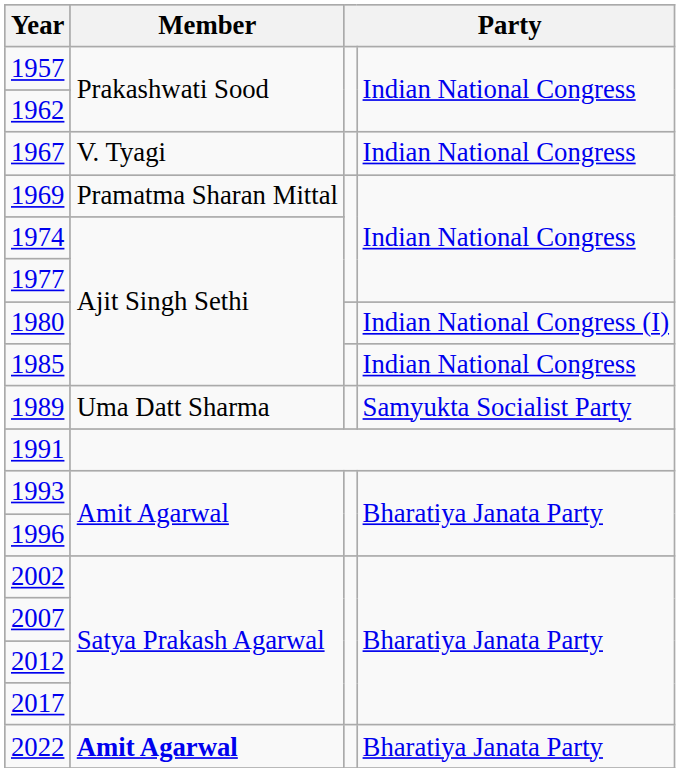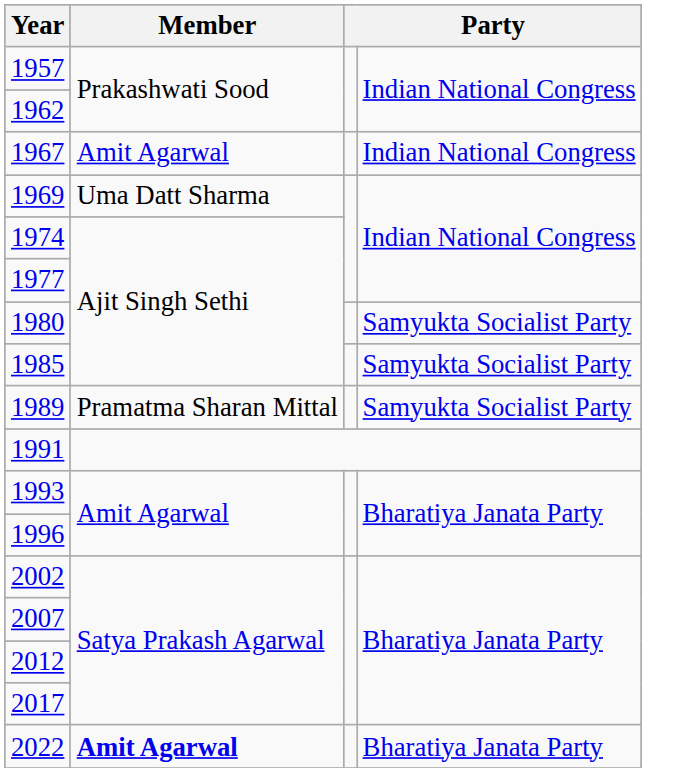 <table class="wikitable">
 <tr>
 <th>Year</th>
 <th>Member</th>
 <th colspan="2">Party</th>
 </tr>
 <tr>
 <td><a href='#'>1957</a></td>
 <td rowspan="2">Prakashwati Sood</td>
 <td rowspan="2" style="background-color: "></td>
 <td rowspan="2"><a href='#'>Indian National Congress</a></td>
 </tr>
 <tr>
 <td><a href='#'>1962</a></td>
 </tr>
 <tr>
 <td><a href='#'>1967</a></td>
-<td>V. Tyagi</td>
+<td><a href='#'>Amit Agarwal</a></td>
 <td style="background-color: "></td>
 <td><a href='#'>Indian National Congress</a></td>
 </tr>
 <tr>
 <td><a href='#'>1969</a></td>
-<td>Pramatma Sharan Mittal</td>
+<td>Uma Datt Sharma</td>
 <td rowspan="3" style="background-color: "></td>
 <td rowspan="3"><a href='#'>Indian National Congress</a></td>
 </tr>
 <tr>
 <td><a href='#'>1974</a></td>
 <td rowspan="4">Ajit Singh Sethi</td>
 </tr>
 <tr>
 <td><a href='#'>1977</a></td>
 </tr>
 <tr>
 <td><a href='#'>1980</a></td>
 <td style="background-color: "></td>
-<td><a href='#'>Indian National Congress (I)</a></td>
+<td><a href='#'>Samyukta Socialist Party</a></td>
 </tr>
 <tr>
 <td><a href='#'>1985</a></td>
 <td style="background-color: "></td>
-<td><a href='#'>Indian National Congress</a></td>
+<td><a href='#'>Samyukta Socialist Party</a></td>
 </tr>
 <tr>
 <td><a href='#'>1989</a></td>
-<td>Uma Datt Sharma</td>
+<td>Pramatma Sharan Mittal</td>
 <td style="background-color: "></td>
 <td><a href='#'>Samyukta Socialist Party</a></td>
 </tr>
 <tr>
 <td><a href='#'>1991</a></td>
 <td colspan="3"></td>
 </tr>
 <tr>
 <td><a href='#'>1993</a></td>
 <td rowspan="2"><a href='#'>Amit Agarwal</a></td>
 <td rowspan="2" style="background-color: "></td>
 <td rowspan="2"><a href='#'>Bharatiya Janata Party</a></td>
 </tr>
 <tr>
 <td><a href='#'>1996</a></td>
 </tr>
 <tr>
 <td><a href='#'>2002</a></td>
 <td rowspan="4"><a href='#'>Satya Prakash Agarwal</a></td>
 <td rowspan="4" style="background-color: "></td>
 <td rowspan="4"><a href='#'>Bharatiya Janata Party</a></td>
 </tr>
 <tr>
 <td><a href='#'>2007</a></td>
 </tr>
 <tr>
 <td><a href='#'>2012</a></td>
 </tr>
 <tr>
 <td><a href='#'>2017</a></td>
 </tr>
 <tr>
 <td><a href='#'>2022</a></td>
 <td><strong><a href='#'>Amit Agarwal</a></strong></td>
 <td rowspan="7" style="background-color: "></td>
 <td rowspan="7"><a href='#'>Bharatiya Janata Party</a></td>
 </tr>
 </table>
